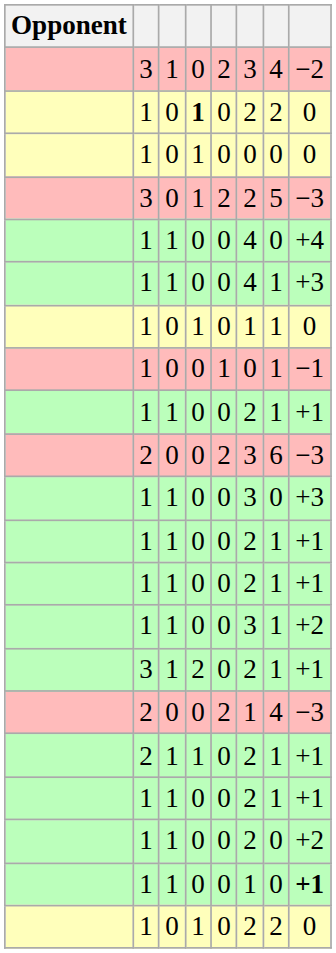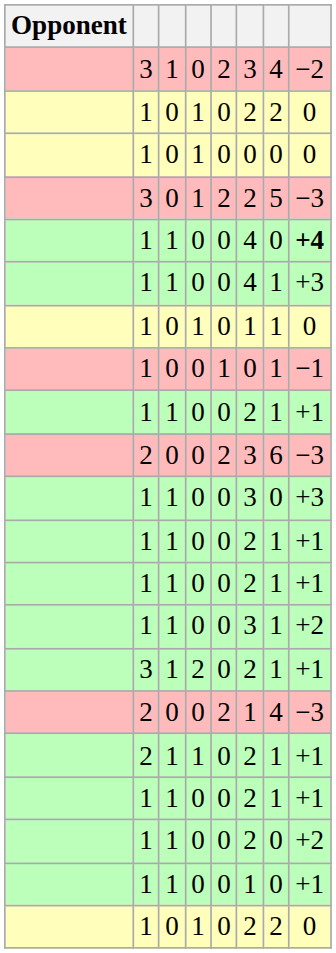 <table class="wikitable sortable" style="text-align:center">
 <tr>
 <th>Opponent</th>
 <th></th>
 <th></th>
 <th></th>
 <th></th>
 <th></th>
 <th></th>
 <th></th>
 </tr>
 <tr bgcolor="#ffbbbb">
 <td align="left"></td>
 <td>3</td>
 <td>1</td>
 <td>0</td>
 <td>2</td>
 <td>3</td>
 <td>4</td>
 <td>−2</td>
 </tr>
 <tr bgcolor="#ffffbb">
 <td align="left"></td>
 <td>1</td>
 <td>0</td>
-<td><strong>1</strong></td>
+<td>1</td>
 <td>0</td>
 <td>2</td>
 <td>2</td>
 <td>0</td>
 </tr>
 <tr bgcolor="#ffffbb">
 <td align="left"></td>
 <td>1</td>
 <td>0</td>
 <td>1</td>
 <td>0</td>
 <td>0</td>
 <td>0</td>
 <td>0</td>
 </tr>
 <tr bgcolor="#ffbbbb">
 <td align="left"></td>
 <td>3</td>
 <td>0</td>
 <td>1</td>
 <td>2</td>
 <td>2</td>
 <td>5</td>
 <td>−3</td>
 </tr>
 <tr bgcolor="#bbffbb">
 <td align="left"></td>
 <td>1</td>
 <td>1</td>
 <td>0</td>
 <td>0</td>
 <td>4</td>
 <td>0</td>
-<td>+4</td>
+<td><strong>+4</strong></td>
 </tr>
 <tr bgcolor="#bbffbb">
 <td align="left"></td>
 <td>1</td>
 <td>1</td>
 <td>0</td>
 <td>0</td>
 <td>4</td>
 <td>1</td>
 <td>+3</td>
 </tr>
 <tr bgcolor="#ffffbb">
 <td align="left"></td>
 <td>1</td>
 <td>0</td>
 <td>1</td>
 <td>0</td>
 <td>1</td>
 <td>1</td>
 <td>0</td>
 </tr>
 <tr bgcolor="#ffbbbb">
 <td align="left"></td>
 <td>1</td>
 <td>0</td>
 <td>0</td>
 <td>1</td>
 <td>0</td>
 <td>1</td>
 <td>−1</td>
 </tr>
 <tr bgcolor="#bbffbb">
 <td align="left"></td>
 <td>1</td>
 <td>1</td>
 <td>0</td>
 <td>0</td>
 <td>2</td>
 <td>1</td>
 <td>+1</td>
 </tr>
 <tr bgcolor="#ffbbbb">
 <td align="left"></td>
 <td>2</td>
 <td>0</td>
 <td>0</td>
 <td>2</td>
 <td>3</td>
 <td>6</td>
 <td>−3</td>
 </tr>
 <tr bgcolor="#bbffbb">
 <td align="left"></td>
 <td>1</td>
 <td>1</td>
 <td>0</td>
 <td>0</td>
 <td>3</td>
 <td>0</td>
 <td>+3</td>
 </tr>
 <tr bgcolor="#bbffbb">
 <td align="left"></td>
 <td>1</td>
 <td>1</td>
 <td>0</td>
 <td>0</td>
 <td>2</td>
 <td>1</td>
 <td>+1</td>
 </tr>
 <tr bgcolor="#bbffbb">
 <td align="left"></td>
 <td>1</td>
 <td>1</td>
 <td>0</td>
 <td>0</td>
 <td>2</td>
 <td>1</td>
 <td>+1</td>
 </tr>
 <tr bgcolor="#bbffbb">
 <td align="left"></td>
 <td>1</td>
 <td>1</td>
 <td>0</td>
 <td>0</td>
 <td>3</td>
 <td>1</td>
 <td>+2</td>
 </tr>
 <tr bgcolor="#bbffbb">
 <td align="left"></td>
 <td>3</td>
 <td>1</td>
 <td>2</td>
 <td>0</td>
 <td>2</td>
 <td>1</td>
 <td>+1</td>
 </tr>
 <tr bgcolor="#ffbbbb">
 <td align="left"></td>
 <td>2</td>
 <td>0</td>
 <td>0</td>
 <td>2</td>
 <td>1</td>
 <td>4</td>
 <td>−3</td>
 </tr>
 <tr bgcolor="#bbffbb">
 <td align="left"></td>
 <td>2</td>
 <td>1</td>
 <td>1</td>
 <td>0</td>
 <td>2</td>
 <td>1</td>
 <td>+1</td>
 </tr>
 <tr bgcolor="#bbffbb">
 <td align="left"></td>
 <td>1</td>
 <td>1</td>
 <td>0</td>
 <td>0</td>
 <td>2</td>
 <td>1</td>
 <td>+1</td>
 </tr>
 <tr bgcolor="#bbffbb">
 <td align="left"></td>
 <td>1</td>
 <td>1</td>
 <td>0</td>
 <td>0</td>
 <td>2</td>
 <td>0</td>
 <td>+2</td>
 </tr>
 <tr bgcolor="#bbffbb">
 <td align="left"></td>
 <td>1</td>
 <td>1</td>
 <td>0</td>
 <td>0</td>
 <td>1</td>
 <td>0</td>
-<td><strong>+1</strong></td>
+<td>+1</td>
 </tr>
 <tr bgcolor="#ffffbb">
 <td align="left"></td>
 <td>1</td>
 <td>0</td>
 <td>1</td>
 <td>0</td>
 <td>2</td>
 <td>2</td>
 <td>0</td>
 </tr>
 </table>
